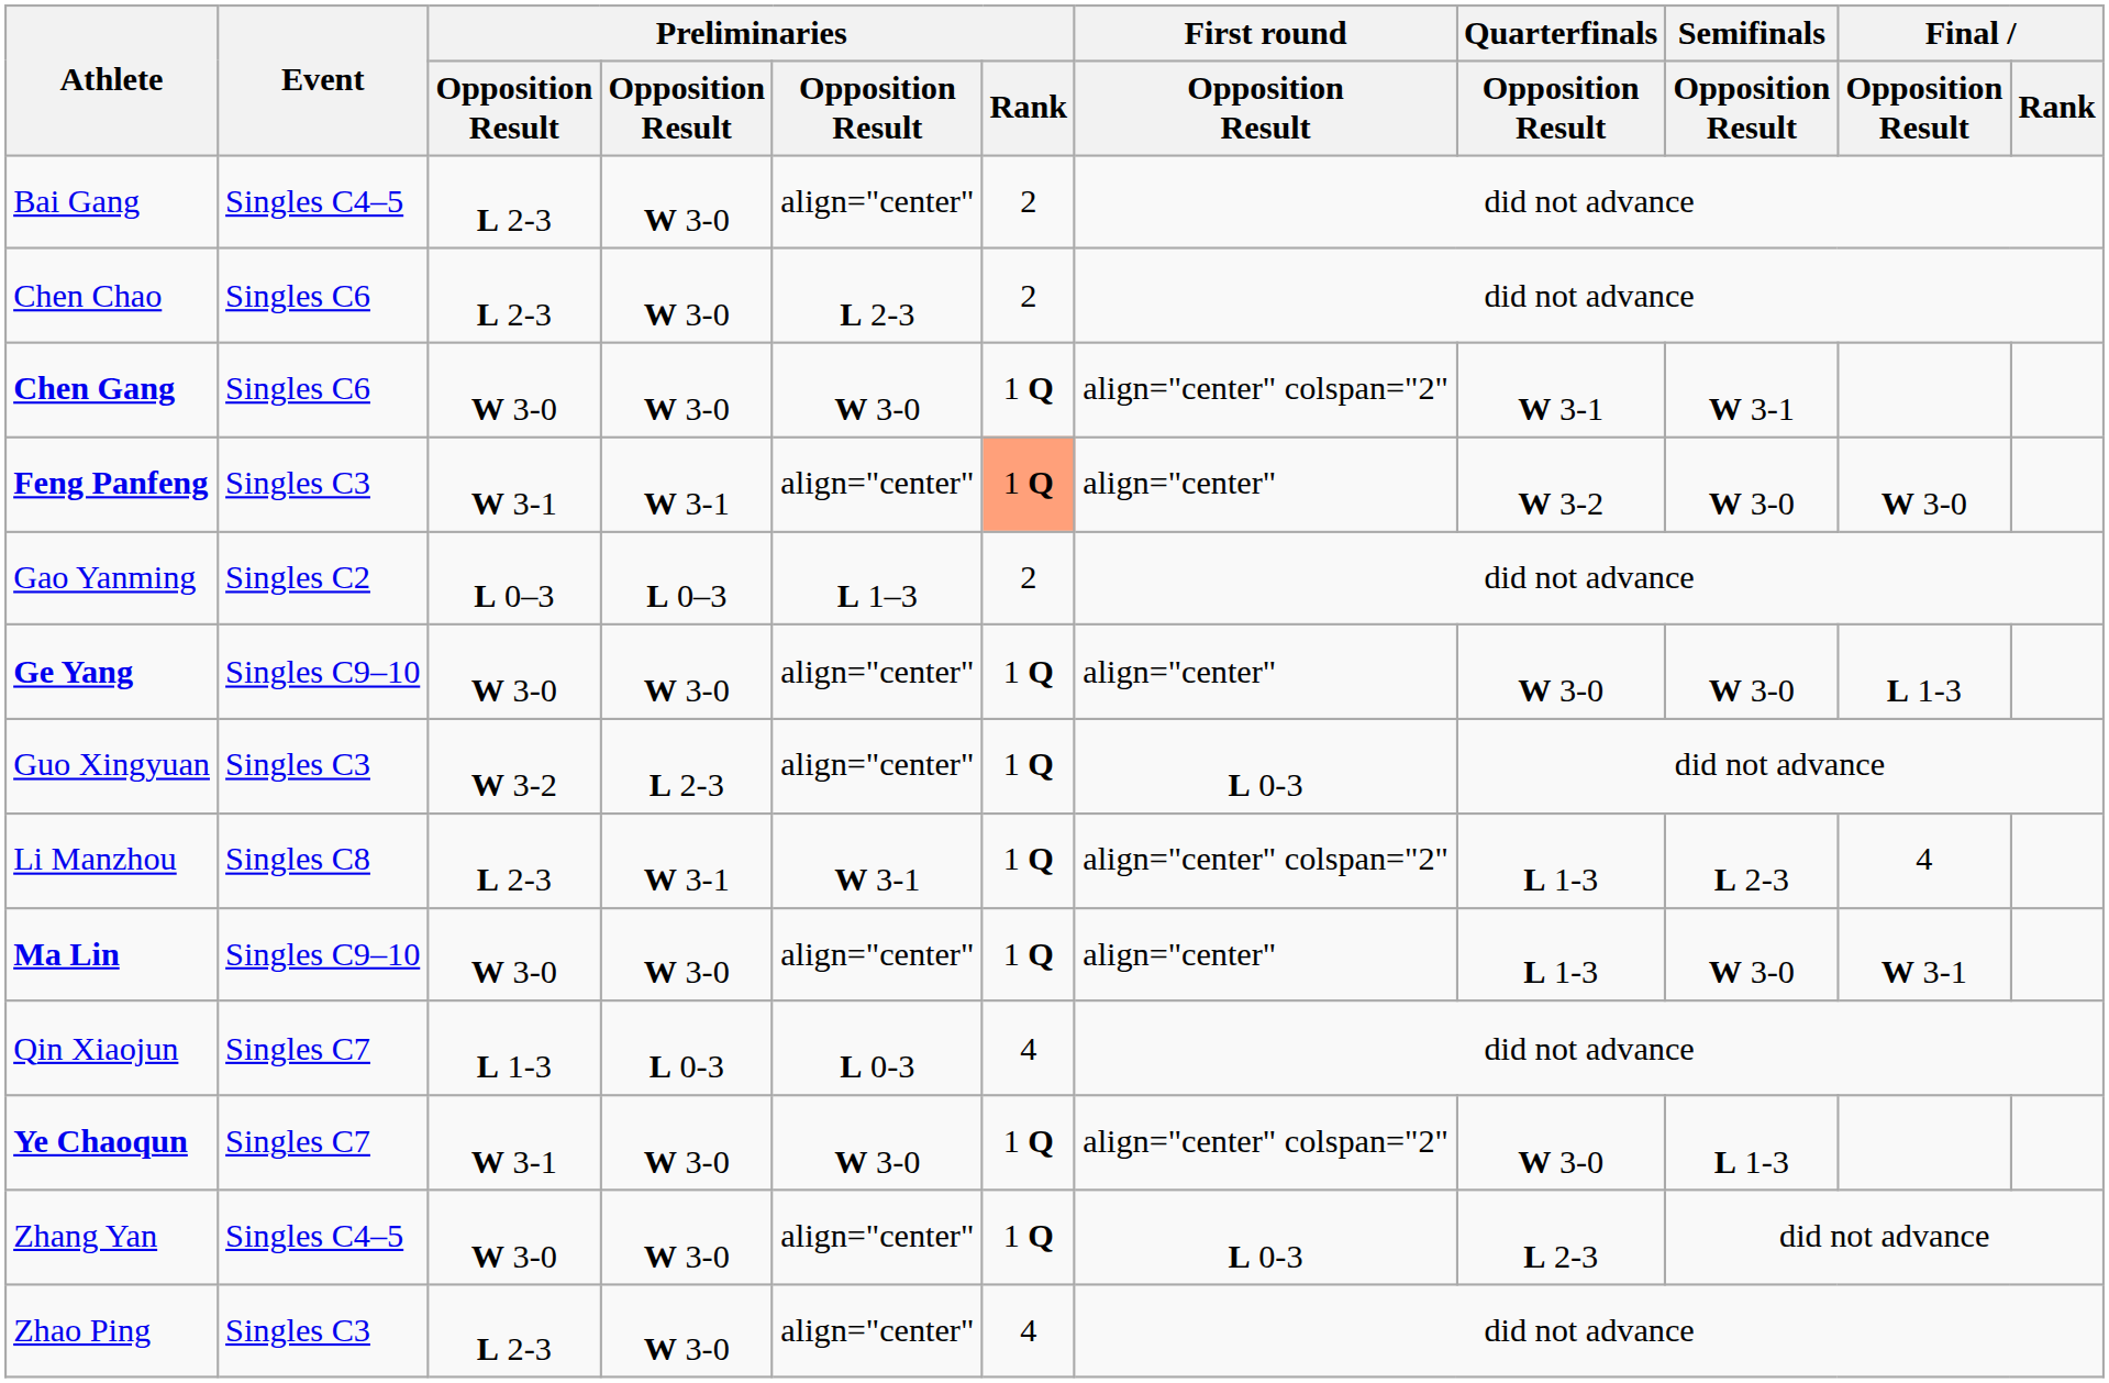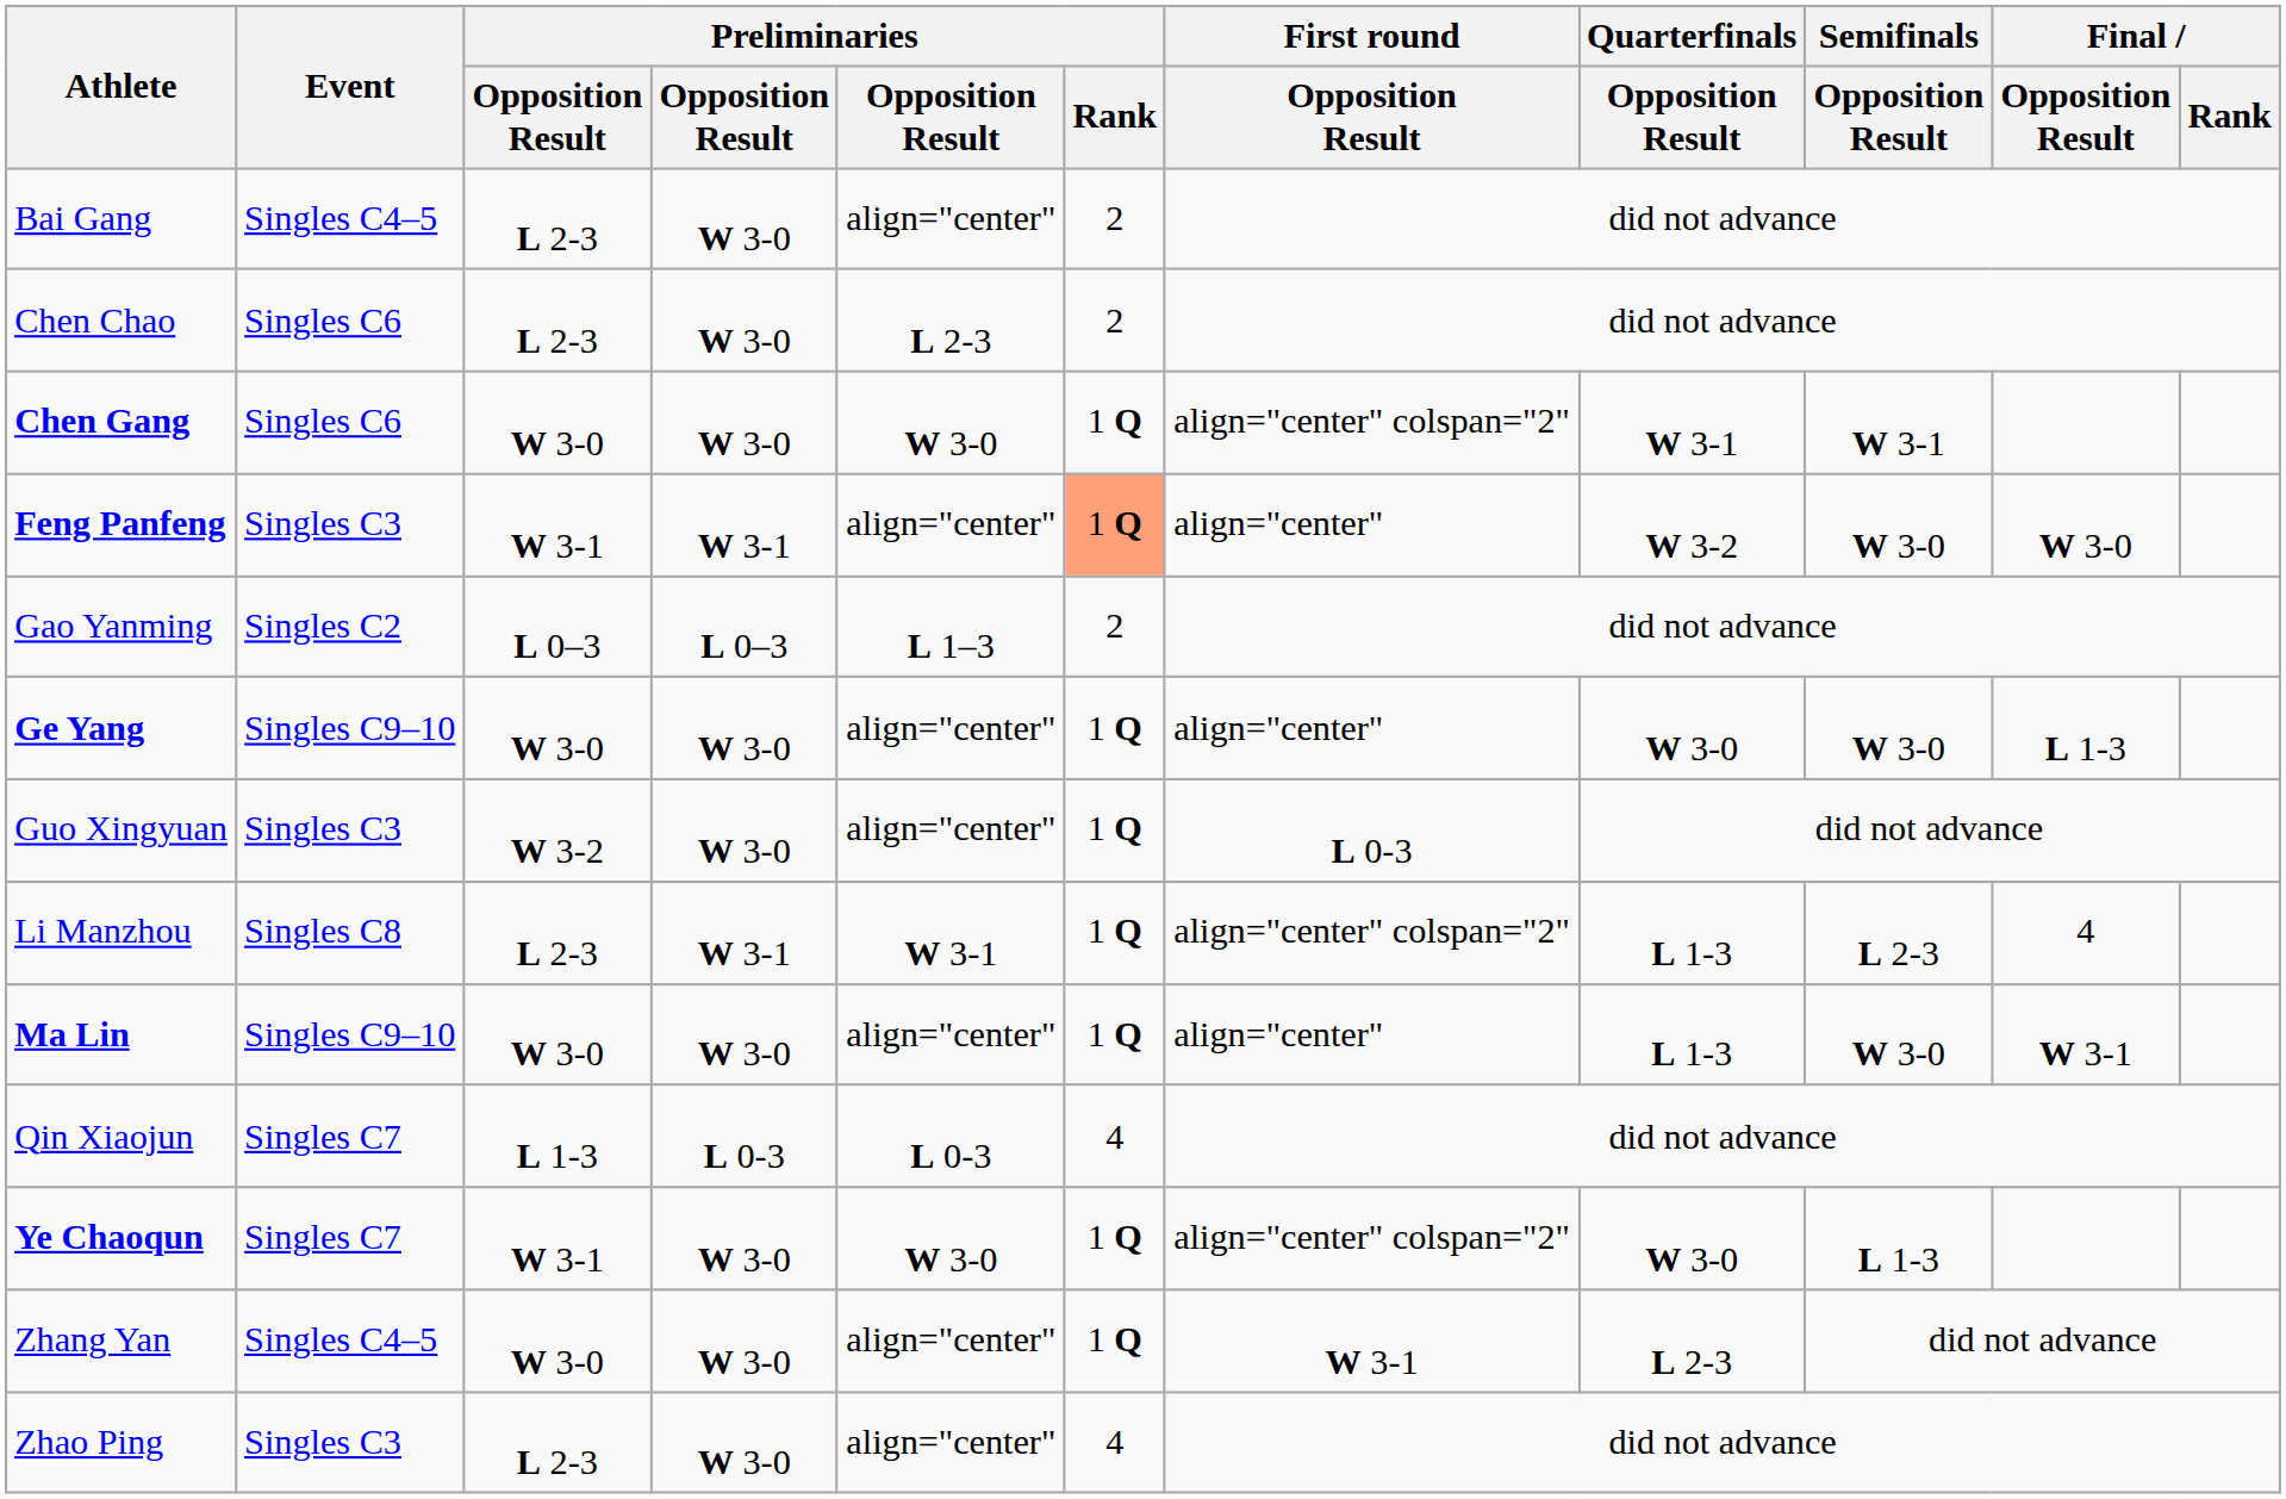 <table class=wikitable style="font-size:90%">
 <tr>
 <th rowspan="2">Athlete</th>
 <th rowspan="2">Event</th>
 <th colspan="4">Preliminaries</th>
 <th>First round</th>
 <th>Quarterfinals</th>
 <th>Semifinals</th>
 <th colspan="2">Final / </th>
 </tr>
 <tr>
 <th>Opposition<br>Result</th>
 <th>Opposition<br>Result</th>
 <th>Opposition<br>Result</th>
 <th>Rank</th>
 <th>Opposition<br>Result</th>
 <th>Opposition<br>Result</th>
 <th>Opposition<br>Result</th>
 <th>Opposition<br>Result</th>
 <th>Rank</th>
 </tr>
 <tr>
 <td><a href='#'>Bai Gang</a></td>
 <td><a href='#'>Singles C4–5</a></td>
 <td align="center"><br><strong>L</strong> 2-3</td>
 <td align="center"><br><strong>W</strong> 3-0</td>
 <td>align="center" </td>
 <td align="center">2</td>
 <td align="center" colspan="5">did not advance</td>
 </tr>
 <tr>
 <td><a href='#'>Chen Chao</a></td>
 <td><a href='#'>Singles C6</a></td>
 <td align="center"><br><strong>L</strong> 2-3</td>
 <td align="center"><br><strong>W</strong> 3-0</td>
 <td align="center"><br><strong>L</strong> 2-3</td>
 <td align="center">2</td>
 <td align="center" colspan="5">did not advance</td>
 </tr>
 <tr>
 <td><strong><a href='#'>Chen Gang</a></strong></td>
 <td><a href='#'>Singles C6</a></td>
 <td align="center"><br><strong>W</strong> 3-0</td>
 <td align="center"><br><strong>W</strong> 3-0</td>
 <td align="center"><br><strong>W</strong> 3-0</td>
 <td align="center">1 <strong>Q</strong></td>
 <td>align="center" colspan="2" </td>
 <td align="center"><br><strong>W</strong> 3-1</td>
 <td align="center"><br><strong>W</strong> 3-1</td>
 <td align="center"></td>
 </tr>
 <tr>
 <td><strong><a href='#'>Feng Panfeng</a></strong></td>
 <td><a href='#'>Singles C3</a></td>
 <td align="center"><br><strong>W</strong> 3-1</td>
 <td align="center"><br><strong>W</strong> 3-1</td>
 <td>align="center" </td>
 <td align="center" style="background: lightsalmon;">1 <strong>Q</strong></td>
 <td>align="center" </td>
 <td align="center"><br><strong>W</strong> 3-2</td>
 <td align="center"><br><strong>W</strong> 3-0</td>
 <td align="center"><br><strong>W</strong> 3-0</td>
 <td align="center"></td>
 </tr>
 <tr>
 <td><a href='#'>Gao Yanming</a></td>
 <td><a href='#'>Singles C2</a></td>
 <td align="center"><br><strong>L</strong> 0–3</td>
 <td align="center"><br><strong>L</strong> 0–3</td>
 <td align="center"><br><strong>L</strong> 1–3</td>
 <td align="center">2</td>
 <td align="center" colspan="5">did not advance</td>
 </tr>
 <tr>
 <td><strong><a href='#'>Ge Yang</a></strong></td>
 <td><a href='#'>Singles C9–10</a></td>
 <td align="center"><br><strong>W</strong> 3-0</td>
 <td align="center"><br><strong>W</strong> 3-0</td>
 <td>align="center" </td>
 <td align="center">1 <strong>Q</strong></td>
 <td>align="center" </td>
 <td align="center"><br><strong>W</strong> 3-0</td>
 <td align="center"><br><strong>W</strong> 3-0</td>
 <td align="center"><br><strong>L</strong> 1-3</td>
 <td align="center"></td>
 </tr>
 <tr>
 <td><a href='#'>Guo Xingyuan</a></td>
 <td><a href='#'>Singles C3</a></td>
 <td align="center"><br><strong>W</strong> 3-2</td>
-<td align="center"><br><strong>L</strong> 2-3</td>
+<td align="center"><br><strong>W</strong> 3-0</td>
 <td>align="center" </td>
 <td align="center">1 <strong>Q</strong></td>
 <td align="center"><br><strong>L</strong> 0-3</td>
 <td align="center" colspan="4">did not advance</td>
 </tr>
 <tr>
 <td><a href='#'>Li Manzhou</a></td>
 <td><a href='#'>Singles C8</a></td>
 <td align="center"><br><strong>L</strong> 2-3</td>
 <td align="center"><br><strong>W</strong> 3-1</td>
 <td align="center"><br><strong>W</strong> 3-1</td>
 <td align="center">1 <strong>Q</strong></td>
 <td>align="center" colspan="2" </td>
 <td align="center"><br><strong>L</strong> 1-3</td>
 <td align="center"><br><strong>L</strong> 2-3</td>
 <td align="center">4</td>
 </tr>
 <tr>
 <td><strong><a href='#'>Ma Lin</a></strong></td>
 <td><a href='#'>Singles C9–10</a></td>
 <td align="center"><br><strong>W</strong> 3-0</td>
 <td align="center"><br><strong>W</strong> 3-0</td>
 <td>align="center" </td>
 <td align="center">1 <strong>Q</strong></td>
 <td>align="center" </td>
 <td align="center"><br><strong>L</strong> 1-3</td>
 <td align="center"><br><strong>W</strong> 3-0</td>
 <td align="center"><br><strong>W</strong> 3-1</td>
 <td align="center"></td>
 </tr>
 <tr>
 <td><a href='#'>Qin Xiaojun</a></td>
 <td><a href='#'>Singles C7</a></td>
 <td align="center"><br><strong>L</strong> 1-3</td>
 <td align="center"><br><strong>L</strong> 0-3</td>
 <td align="center"><br><strong>L</strong> 0-3</td>
 <td align="center">4</td>
 <td align="center" colspan="5">did not advance</td>
 </tr>
 <tr>
 <td><strong><a href='#'>Ye Chaoqun</a></strong></td>
 <td><a href='#'>Singles C7</a></td>
 <td align="center"><br><strong>W</strong> 3-1</td>
 <td align="center"><br><strong>W</strong> 3-0</td>
 <td align="center"><br><strong>W</strong> 3-0</td>
 <td align="center">1 <strong>Q</strong></td>
 <td>align="center" colspan="2" </td>
 <td align="center"><br><strong>W</strong> 3-0</td>
 <td align="center"><br><strong>L</strong> 1-3</td>
 <td align="center"></td>
 </tr>
 <tr>
 <td><a href='#'>Zhang Yan</a></td>
 <td><a href='#'>Singles C4–5</a></td>
 <td align="center"><br><strong>W</strong> 3-0</td>
 <td align="center"><br><strong>W</strong> 3-0</td>
 <td>align="center" </td>
 <td align="center">1 <strong>Q</strong></td>
-<td align="center"><br><strong>L</strong> 0-3</td>
+<td align="center"><br><strong>W</strong> 3-1</td>
 <td align="center"><br><strong>L</strong> 2-3</td>
 <td align="center" colspan="3">did not advance</td>
 </tr>
 <tr>
 <td><a href='#'>Zhao Ping</a></td>
 <td><a href='#'>Singles C3</a></td>
 <td align="center"><br><strong>L</strong> 2-3</td>
 <td align="center"><br><strong>W</strong> 3-0</td>
 <td>align="center" </td>
 <td align="center">4</td>
 <td align="center" colspan="5">did not advance</td>
 </tr>
 </table>
